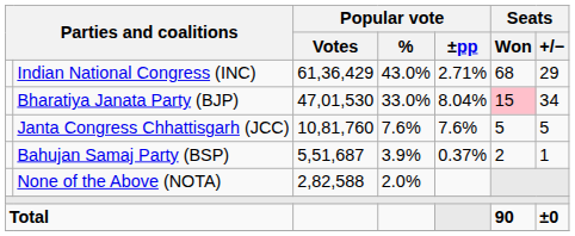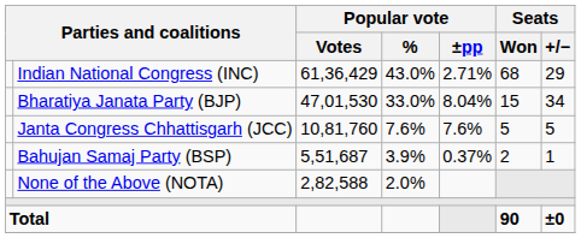 <table class="wikitable">
 <tr>
 <th colspan="2" rowspan="2">Parties and coalitions</th>
 <th colspan="3">Popular vote</th>
 <th colspan="2">Seats</th>
 </tr>
 <tr>
 <th>Votes</th>
 <th>%</th>
 <th>±<a href='#'>pp</a></th>
 <th>Won</th>
 <th><strong>+/−</strong></th>
 </tr>
 <tr>
 <td></td>
 <td><a href='#'>Indian National Congress</a> (INC)</td>
 <td>61,36,429</td>
 <td>43.0%</td>
 <td>2.71%</td>
 <td>68</td>
 <td>29</td>
 </tr>
 <tr>
 <td></td>
 <td><a href='#'>Bharatiya Janata Party</a> (BJP)</td>
 <td>47,01,530</td>
 <td>33.0%</td>
 <td>8.04%</td>
-<td style="background: pink;">15</td>
+<td>15</td>
 <td>34</td>
 </tr>
 <tr>
 <td></td>
 <td><a href='#'>Janta Congress Chhattisgarh</a> (JCC)</td>
 <td>10,81,760</td>
 <td>7.6%</td>
 <td> 7.6%</td>
 <td>5</td>
 <td> 5</td>
 </tr>
 <tr>
 <td></td>
 <td><a href='#'>Bahujan Samaj Party</a> (BSP)</td>
 <td>5,51,687</td>
 <td>3.9%</td>
 <td>0.37%</td>
 <td>2</td>
 <td>1</td>
 </tr>
 <tr>
 <td></td>
 <td><a href='#'>None of the Above</a> (NOTA)</td>
 <td>2,82,588</td>
 <td>2.0%</td>
 <td></td>
 <td colspan="2" bgcolor="#E9E9E9"></td>
 </tr>
 <tr>
 <td colspan="7" bgcolor="#E9E9E9"></td>
 </tr>
 <tr style="font-weight:bold;">
 <td align="left" colspan="2">Total</td>
 <td></td>
 <td></td>
 <td bgcolor="#E9E9E9"></td>
 <td>90</td>
 <td>±0</td>
 </tr>
 <tr>
 </tr>
 </table>
